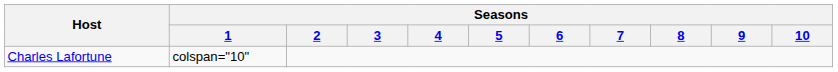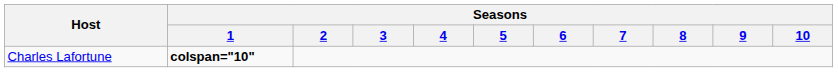 <table class="wikitable" width="80%">
 <tr>
 <th rowspan="2" width="135">Host</th>
 <th colspan="10">Seasons</th>
 </tr>
 <tr>
 <th width="45"><a href='#'>1</a></th>
 <th width="45"><a href='#'>2</a></th>
 <th width="45"><a href='#'>3</a></th>
 <th width="45"><a href='#'>4</a></th>
 <th width="45"><a href='#'>5</a></th>
 <th width="45"><a href='#'>6</a></th>
 <th width="45"><a href='#'>7</a></th>
 <th width="45"><a href='#'>8</a></th>
 <th width="45"><a href='#'>9</a></th>
 <th width="45"><a href='#'>10</a></th>
 </tr>
 <tr>
 <td><a href='#'>Charles Lafortune</a></td>
-<td>colspan="10" </td>
+<td><strong>colspan="10" </strong></td>
 </tr>
 </table>
